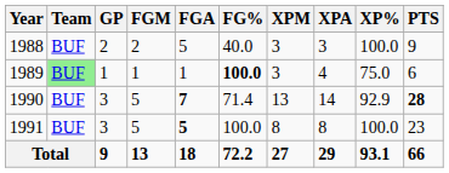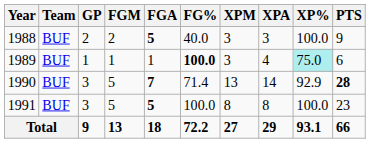 <table class="wikitable">
 <tr>
 <th>Year</th>
 <th>Team</th>
 <th>GP</th>
 <th>FGM</th>
 <th>FGA</th>
 <th>FG%</th>
 <th>XPM</th>
 <th>XPA</th>
 <th>XP%</th>
 <th>PTS</th>
 </tr>
 <tr>
 <td>1988</td>
 <td><a href='#'>BUF</a></td>
 <td>2</td>
 <td>2</td>
-<td>5</td>
+<td><strong>5</strong></td>
 <td>40.0</td>
 <td>3</td>
 <td>3</td>
 <td>100.0</td>
 <td>9</td>
 </tr>
 <tr>
 <td>1989</td>
-<td style="background: lightgreen;"><a href='#'>BUF</a></td>
+<td><a href='#'>BUF</a></td>
 <td>1</td>
 <td>1</td>
 <td>1</td>
 <td><strong>100.0</strong></td>
 <td>3</td>
 <td>4</td>
-<td>75.0</td>
+<td style="background: paleturquoise;">75.0</td>
 <td>6</td>
 </tr>
 <tr>
 <td>1990</td>
 <td><a href='#'>BUF</a></td>
 <td>3</td>
 <td>5</td>
 <td><strong>7</strong></td>
 <td>71.4</td>
 <td>13</td>
 <td>14</td>
 <td>92.9</td>
 <td><strong>28</strong></td>
 </tr>
 <tr>
 <td>1991</td>
 <td><a href='#'>BUF</a></td>
 <td>3</td>
 <td>5</td>
 <td><strong>5</strong></td>
 <td>100.0</td>
 <td>8</td>
 <td>8</td>
 <td>100.0</td>
 <td>23</td>
 </tr>
 <tr>
 <th colspan="2">Total</th>
 <td><strong>9</strong></td>
 <td><strong>13</strong></td>
 <td><strong>18</strong></td>
 <td><strong>72.2</strong></td>
 <td><strong>27</strong></td>
 <td><strong>29</strong></td>
 <td><strong>93.1</strong></td>
 <td><strong>66</strong></td>
 </tr>
 </table>
